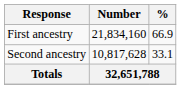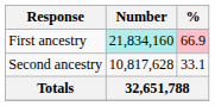 <table class="wikitable" style="font-size: 90%">
 <tr>
 <th colspan="2" style="text-align:center;">Response</th>
 <th>Number</th>
 <th>%</th>
 </tr>
 <tr>
 <td colspan="2" style="text-align:left;">First ancestry</td>
-<td>21,834,160</td>
-<td>66.9</td>
+<td style="background: paleturquoise;">21,834,160</td>
+<td style="background: pink;">66.9</td>
 </tr>
 <tr>
 <td colspan="2" style="text-align:left;">Second ancestry</td>
 <td>10,817,628</td>
 <td>33.1</td>
 </tr>
 <tr>
 <th colspan="2" style="text-align:center;">Totals</th>
 <th colspan=2 style="text-align:center;">32,651,788</th>
 </tr>
 <tr>
 </tr>
 </table>
